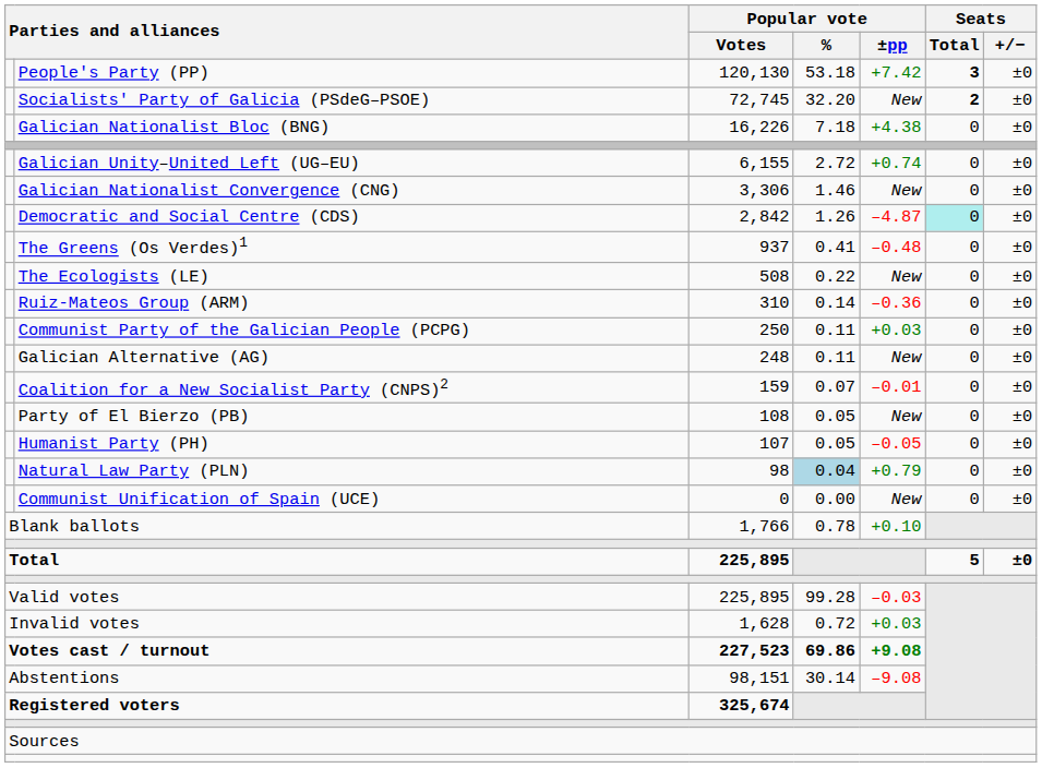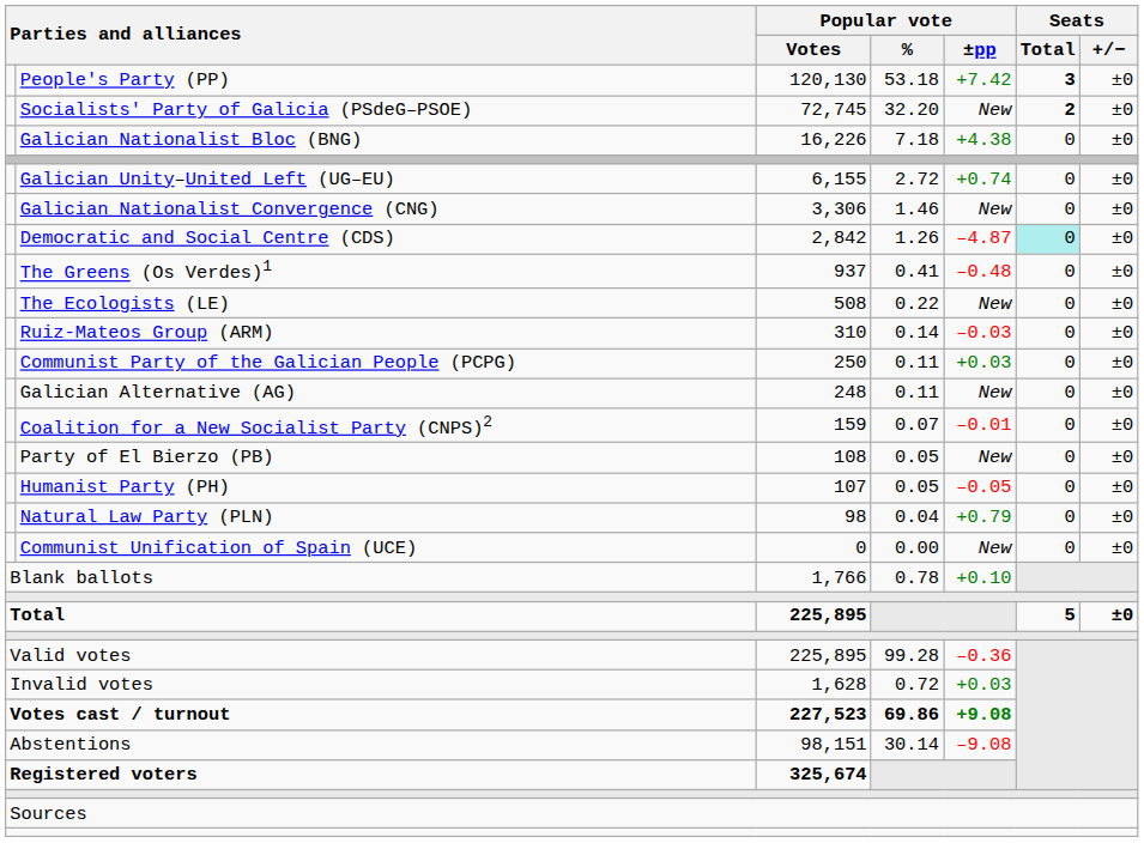 <table class="wikitable" style="text-align:right;">
 <tr>
 <th style="text-align:left;" rowspan="2" colspan="2" width="525">Parties and alliances</th>
 <th colspan="3">Popular vote</th>
 <th colspan="2">Seats</th>
 </tr>
 <tr>
 <th width="75">Votes</th>
 <th width="45">%</th>
 <th width="45">±<a href='#'>pp</a></th>
 <th width="35">Total</th>
 <th width="35">+/−</th>
 </tr>
 <tr>
 <td width="1" style="color:inherit;background:"></td>
 <td align="left"><a href='#'>People's Party</a> (PP)</td>
 <td>120,130</td>
 <td>53.18</td>
 <td style="color:green;">+7.42</td>
 <td><strong>3</strong></td>
 <td>±0</td>
 </tr>
 <tr>
 <td style="color:inherit;background:"></td>
 <td align="left"><a href='#'>Socialists' Party of Galicia</a> (PSdeG–PSOE)</td>
 <td>72,745</td>
 <td>32.20</td>
 <td><em>New</em></td>
 <td><strong>2</strong></td>
 <td>±0</td>
 </tr>
 <tr>
 <td style="color:inherit;background:"></td>
 <td align="left"><a href='#'>Galician Nationalist Bloc</a> (BNG)</td>
 <td>16,226</td>
 <td>7.18</td>
 <td style="color:green;">+4.38</td>
 <td>0</td>
 <td>±0</td>
 </tr>
 <tr>
 <td colspan="7" bgcolor="#C0C0C0"></td>
 </tr>
 <tr>
 <td style="color:inherit;background:"></td>
 <td align="left"><a href='#'>Galician Unity</a>–<a href='#'>United Left</a> (UG–EU)</td>
 <td>6,155</td>
 <td>2.72</td>
 <td style="color:green;">+0.74</td>
 <td>0</td>
 <td>±0</td>
 </tr>
 <tr>
 <td style="color:inherit;background:"></td>
 <td align="left"><a href='#'>Galician Nationalist Convergence</a> (CNG)</td>
 <td>3,306</td>
 <td>1.46</td>
 <td><em>New</em></td>
 <td>0</td>
 <td>±0</td>
 </tr>
 <tr>
 <td style="color:inherit;background:"></td>
 <td align="left"><a href='#'>Democratic and Social Centre</a> (CDS)</td>
 <td>2,842</td>
 <td>1.26</td>
 <td style="color:red;">–4.87</td>
 <td style="background: paleturquoise;">0</td>
 <td>±0</td>
 </tr>
 <tr>
 <td style="color:inherit;background:"></td>
 <td align="left"><a href='#'>The Greens</a> (Os Verdes)<sup>1</sup></td>
 <td>937</td>
 <td>0.41</td>
 <td style="color:red;">–0.48</td>
 <td>0</td>
 <td>±0</td>
 </tr>
 <tr>
 <td style="color:inherit;background:"></td>
 <td align="left"><a href='#'>The Ecologists</a> (LE)</td>
 <td>508</td>
 <td>0.22</td>
 <td><em>New</em></td>
 <td>0</td>
 <td>±0</td>
 </tr>
 <tr>
 <td style="color:inherit;background:"></td>
 <td align="left"><a href='#'>Ruiz-Mateos Group</a> (ARM)</td>
 <td>310</td>
 <td>0.14</td>
-<td style="color:red;">–0.36</td>
+<td style="color:red;">–0.03</td>
 <td>0</td>
 <td>±0</td>
 </tr>
 <tr>
 <td style="color:inherit;background:"></td>
 <td align="left"><a href='#'>Communist Party of the Galician People</a> (PCPG)</td>
 <td>250</td>
 <td>0.11</td>
 <td style="color:green;">+0.03</td>
 <td>0</td>
 <td>±0</td>
 </tr>
 <tr>
 <td style="color:inherit;background:"></td>
 <td align="left">Galician Alternative (AG)</td>
 <td>248</td>
 <td>0.11</td>
 <td><em>New</em></td>
 <td>0</td>
 <td>±0</td>
 </tr>
 <tr>
 <td style="color:inherit;background:"></td>
 <td align="left"><a href='#'>Coalition for a New Socialist Party</a> (CNPS)<sup>2</sup></td>
 <td>159</td>
 <td>0.07</td>
 <td style="color:red;">–0.01</td>
 <td>0</td>
 <td>±0</td>
 </tr>
 <tr>
 <td style="color:inherit;background:"></td>
 <td align="left">Party of El Bierzo (PB)</td>
 <td>108</td>
 <td>0.05</td>
 <td><em>New</em></td>
 <td>0</td>
 <td>±0</td>
 </tr>
 <tr>
 <td style="color:inherit;background:"></td>
 <td align="left"><a href='#'>Humanist Party</a> (PH)</td>
 <td>107</td>
 <td>0.05</td>
 <td style="color:red;">–0.05</td>
 <td>0</td>
 <td>±0</td>
 </tr>
 <tr>
 <td style="color:inherit;background:"></td>
 <td align="left"><a href='#'>Natural Law Party</a> (PLN)</td>
 <td>98</td>
-<td style="background: lightblue;">0.04</td>
+<td>0.04</td>
 <td style="color:green;">+0.79</td>
 <td>0</td>
 <td>±0</td>
 </tr>
 <tr>
 <td style="color:inherit;background:"></td>
 <td align="left"><a href='#'>Communist Unification of Spain</a> (UCE)</td>
 <td>0</td>
 <td>0.00</td>
 <td><em>New</em></td>
 <td>0</td>
 <td>±0</td>
 </tr>
 <tr>
 <td align="left" colspan="2">Blank ballots</td>
 <td>1,766</td>
 <td>0.78</td>
 <td style="color:green;">+0.10</td>
 <td bgcolor="#E9E9E9" colspan="2"></td>
 </tr>
 <tr>
 <td colspan="7" bgcolor="#E9E9E9"></td>
 </tr>
 <tr style="font-weight:bold;">
 <td align="left" colspan="2">Total</td>
 <td>225,895</td>
 <td bgcolor="#E9E9E9" colspan="2"></td>
 <td>5</td>
 <td>±0</td>
 </tr>
 <tr>
 <td colspan="7" bgcolor="#E9E9E9"></td>
 </tr>
 <tr>
 <td align="left" colspan="2">Valid votes</td>
 <td>225,895</td>
 <td>99.28</td>
-<td style="color:red;">–0.03</td>
+<td style="color:red;">–0.36</td>
 <td bgcolor="#E9E9E9" colspan="2" rowspan="5"></td>
 </tr>
 <tr>
 <td align="left" colspan="2">Invalid votes</td>
 <td>1,628</td>
 <td>0.72</td>
 <td style="color:green;">+0.03</td>
 </tr>
 <tr style="font-weight:bold;">
 <td align="left" colspan="2">Votes cast / turnout</td>
 <td>227,523</td>
 <td>69.86</td>
 <td style="color:green;">+9.08</td>
 </tr>
 <tr>
 <td align="left" colspan="2">Abstentions</td>
 <td>98,151</td>
 <td>30.14</td>
 <td style="color:red;">–9.08</td>
 </tr>
 <tr style="font-weight:bold;">
 <td align="left" colspan="2">Registered voters</td>
 <td>325,674</td>
 <td bgcolor="#E9E9E9" colspan="2"></td>
 </tr>
 <tr>
 <td colspan="7" bgcolor="#E9E9E9"></td>
 </tr>
 <tr>
 <td align="left" colspan="7">Sources</td>
 </tr>
 <tr>
 <td colspan="7" style="text-align:left; max-width:790px;"></td>
 </tr>
 </table>
